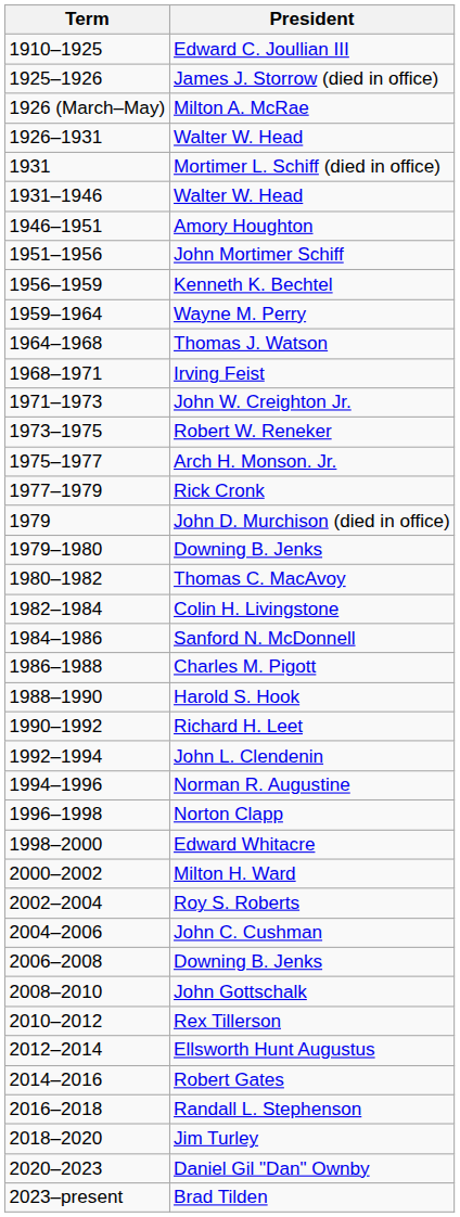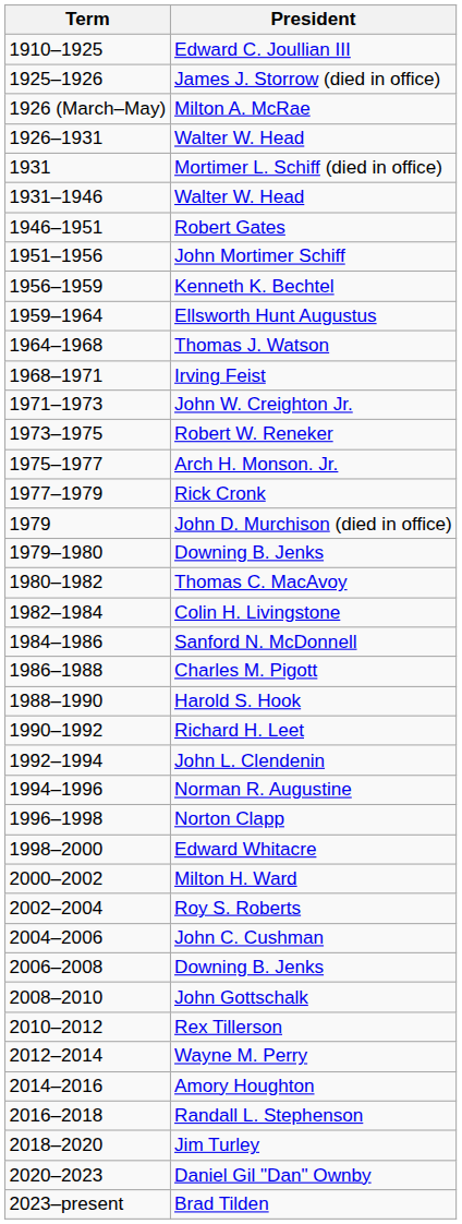 <table class=wikitable>
 <tr>
 <th>Term</th>
 <th>President</th>
 </tr>
 <tr>
 <td>1910–1925</td>
 <td><a href='#'>Edward C. Joullian III</a></td>
 </tr>
 <tr>
 <td>1925–1926</td>
 <td><a href='#'>James J. Storrow</a> (died in office)</td>
 </tr>
 <tr>
 <td>1926 (March–May)</td>
 <td><a href='#'>Milton A. McRae</a></td>
 </tr>
 <tr>
 <td>1926–1931</td>
 <td><a href='#'>Walter W. Head</a></td>
 </tr>
 <tr>
 <td>1931</td>
 <td><a href='#'>Mortimer L. Schiff</a> (died in office)</td>
 </tr>
 <tr>
 <td>1931–1946</td>
 <td><a href='#'>Walter W. Head</a></td>
 </tr>
 <tr>
 <td>1946–1951</td>
-<td><a href='#'>Amory Houghton</a></td>
+<td><a href='#'>Robert Gates</a></td>
 </tr>
 <tr>
 <td>1951–1956</td>
 <td><a href='#'>John Mortimer Schiff</a></td>
 </tr>
 <tr>
 <td>1956–1959</td>
 <td><a href='#'>Kenneth K. Bechtel</a></td>
 </tr>
 <tr>
 <td>1959–1964</td>
-<td><a href='#'>Wayne M. Perry</a></td>
+<td><a href='#'>Ellsworth Hunt Augustus</a></td>
 </tr>
 <tr>
 <td>1964–1968</td>
 <td><a href='#'>Thomas J. Watson</a></td>
 </tr>
 <tr>
 <td>1968–1971</td>
 <td><a href='#'>Irving Feist</a></td>
 </tr>
 <tr>
 <td>1971–1973</td>
 <td><a href='#'>John W. Creighton Jr.</a></td>
 </tr>
 <tr>
 <td>1973–1975</td>
 <td><a href='#'>Robert W. Reneker</a></td>
 </tr>
 <tr>
 <td>1975–1977</td>
 <td><a href='#'>Arch H. Monson. Jr.</a></td>
 </tr>
 <tr>
 <td>1977–1979</td>
 <td><a href='#'>Rick Cronk</a></td>
 </tr>
 <tr>
 <td>1979</td>
 <td><a href='#'>John D. Murchison</a> (died in office)</td>
 </tr>
 <tr>
 <td>1979–1980</td>
 <td><a href='#'>Downing B. Jenks</a></td>
 </tr>
 <tr>
 <td>1980–1982</td>
 <td><a href='#'>Thomas C. MacAvoy</a></td>
 </tr>
 <tr>
 <td>1982–1984</td>
 <td><a href='#'>Colin H. Livingstone</a></td>
 </tr>
 <tr>
 <td>1984–1986</td>
 <td><a href='#'>Sanford N. McDonnell</a></td>
 </tr>
 <tr>
 <td>1986–1988</td>
 <td><a href='#'>Charles M. Pigott</a></td>
 </tr>
 <tr>
 <td>1988–1990</td>
 <td><a href='#'>Harold S. Hook</a></td>
 </tr>
 <tr>
 <td>1990–1992</td>
 <td><a href='#'>Richard H. Leet</a></td>
 </tr>
 <tr>
 <td>1992–1994</td>
 <td><a href='#'>John L. Clendenin</a></td>
 </tr>
 <tr>
 <td>1994–1996</td>
 <td><a href='#'>Norman R. Augustine</a></td>
 </tr>
 <tr>
 <td>1996–1998</td>
 <td><a href='#'>Norton Clapp</a></td>
 </tr>
 <tr>
 <td>1998–2000</td>
 <td><a href='#'>Edward Whitacre</a></td>
 </tr>
 <tr>
 <td>2000–2002</td>
 <td><a href='#'>Milton H. Ward</a></td>
 </tr>
 <tr>
 <td>2002–2004</td>
 <td><a href='#'>Roy S. Roberts</a></td>
 </tr>
 <tr>
 <td>2004–2006</td>
 <td><a href='#'>John C. Cushman</a></td>
 </tr>
 <tr>
 <td>2006–2008</td>
 <td><a href='#'>Downing B. Jenks</a></td>
 </tr>
 <tr>
 <td>2008–2010</td>
 <td><a href='#'>John Gottschalk</a></td>
 </tr>
 <tr>
 <td>2010–2012</td>
 <td><a href='#'>Rex Tillerson</a></td>
 </tr>
 <tr>
 <td>2012–2014</td>
-<td><a href='#'>Ellsworth Hunt Augustus</a></td>
+<td><a href='#'>Wayne M. Perry</a></td>
 </tr>
 <tr>
 <td>2014–2016</td>
-<td><a href='#'>Robert Gates</a></td>
+<td><a href='#'>Amory Houghton</a></td>
 </tr>
 <tr>
 <td>2016–2018</td>
 <td><a href='#'>Randall L. Stephenson</a></td>
 </tr>
 <tr>
 <td>2018–2020</td>
 <td><a href='#'>Jim Turley</a></td>
 </tr>
 <tr>
 <td>2020–2023</td>
 <td><a href='#'>Daniel Gil "Dan" Ownby</a></td>
 </tr>
 <tr>
 <td>2023–present</td>
 <td><a href='#'>Brad Tilden</a></td>
 </tr>
 </table>
